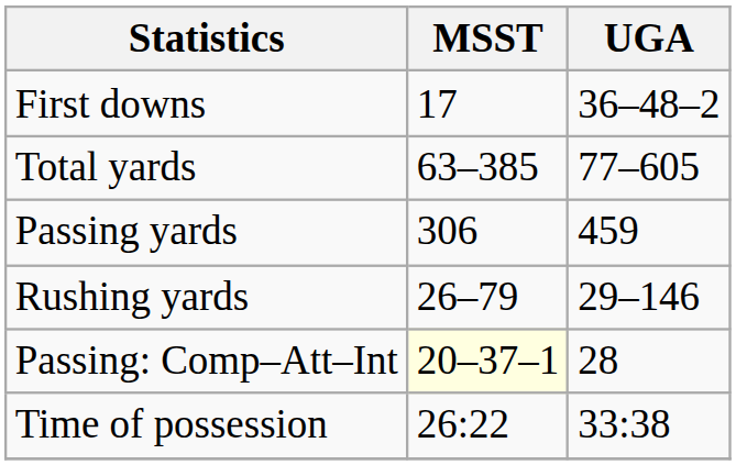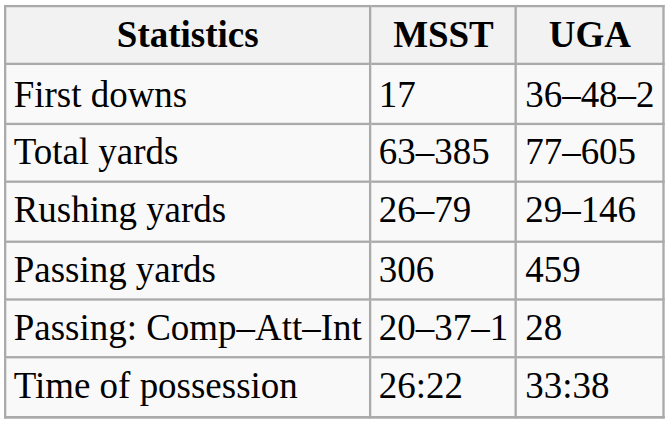 <table class="wikitable" style="float: left;">
 <tr>
 <th>Statistics</th>
 <th>MSST</th>
 <th>UGA</th>
 </tr>
 <tr>
 <td>First downs</td>
 <td>17</td>
 <td>36–48–2</td>
 </tr>
 <tr>
 <td>Total yards</td>
 <td>63–385</td>
 <td>77–605</td>
 </tr>
 <tr>
+<td>Rushing yards</td>
+<td>26–79</td>
+<td>29–146</td>
+</tr>
+<tr>
 <td>Passing yards</td>
 <td>306</td>
 <td>459</td>
 </tr>
 <tr>
-<td>Rushing yards</td>
-<td>26–79</td>
-<td>29–146</td>
-</tr>
-<tr>
 <td>Passing: Comp–Att–Int</td>
-<td style="background: lightyellow;">20–37–1</td>
+<td>20–37–1</td>
 <td>28</td>
 </tr>
 <tr>
 <td>Time of possession</td>
 <td>26:22</td>
 <td>33:38</td>
 </tr>
 <tr>
 </tr>
 </table>
